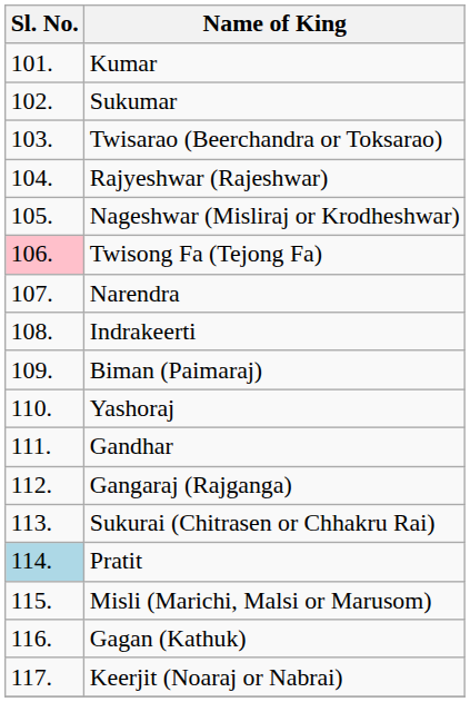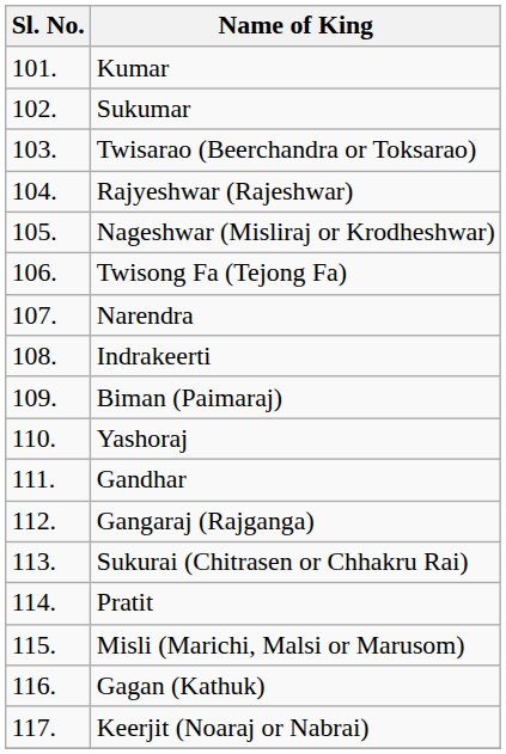 <table class = "wikitable">
 <tr>
 <th>Sl. No.</th>
 <th>Name of King</th>
 </tr>
 <tr>
 <td>101.</td>
 <td>Kumar</td>
 </tr>
 <tr>
 <td>102.</td>
 <td>Sukumar</td>
 </tr>
 <tr>
 <td>103.</td>
 <td>Twisarao (Beerchandra or Toksarao)</td>
 </tr>
 <tr>
 <td>104.</td>
 <td>Rajyeshwar (Rajeshwar)</td>
 </tr>
 <tr>
 <td>105.</td>
 <td>Nageshwar (Misliraj or Krodheshwar)</td>
 </tr>
 <tr>
-<td style="background: pink;">106.</td>
+<td>106.</td>
 <td>Twisong Fa (Tejong Fa)</td>
 </tr>
 <tr>
 <td>107.</td>
 <td>Narendra</td>
 </tr>
 <tr>
 <td>108.</td>
 <td>Indrakeerti</td>
 </tr>
 <tr>
 <td>109.</td>
 <td>Biman (Paimaraj)</td>
 </tr>
 <tr>
 <td>110.</td>
 <td>Yashoraj</td>
 </tr>
 <tr>
 <td>111.</td>
 <td>Gandhar</td>
 </tr>
 <tr>
 <td>112.</td>
 <td>Gangaraj (Rajganga)</td>
 </tr>
 <tr>
 <td>113.</td>
 <td>Sukurai (Chitrasen or Chhakru Rai)</td>
 </tr>
 <tr>
-<td style="background: lightblue;">114.</td>
+<td>114.</td>
 <td>Pratit</td>
 </tr>
 <tr>
 <td>115.</td>
 <td>Misli (Marichi, Malsi or Marusom)</td>
 </tr>
 <tr>
 <td>116.</td>
 <td>Gagan (Kathuk)</td>
 </tr>
 <tr>
 <td>117.</td>
 <td>Keerjit (Noaraj or Nabrai)</td>
 </tr>
 <tr>
 </tr>
 </table>
